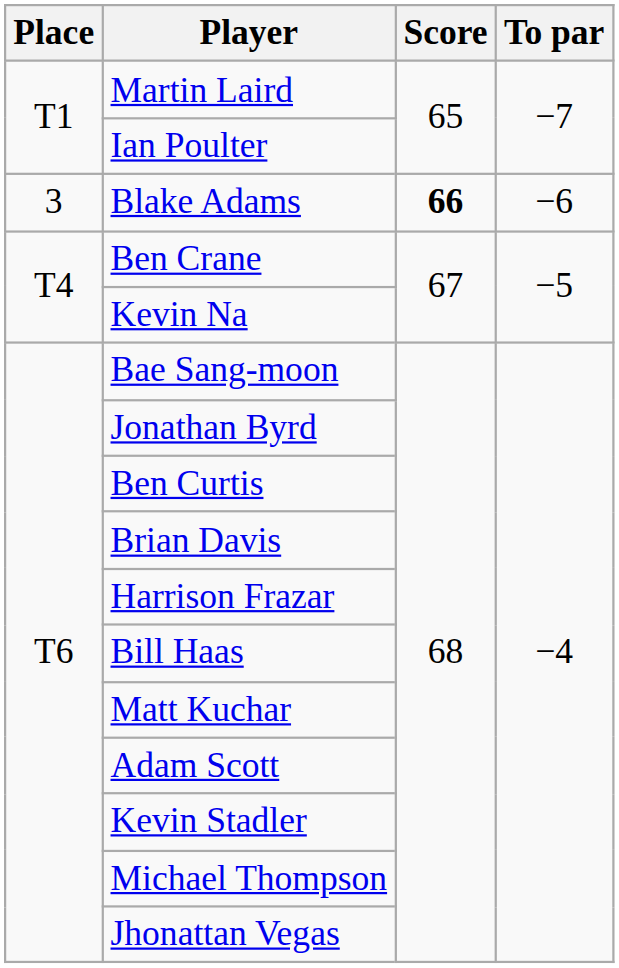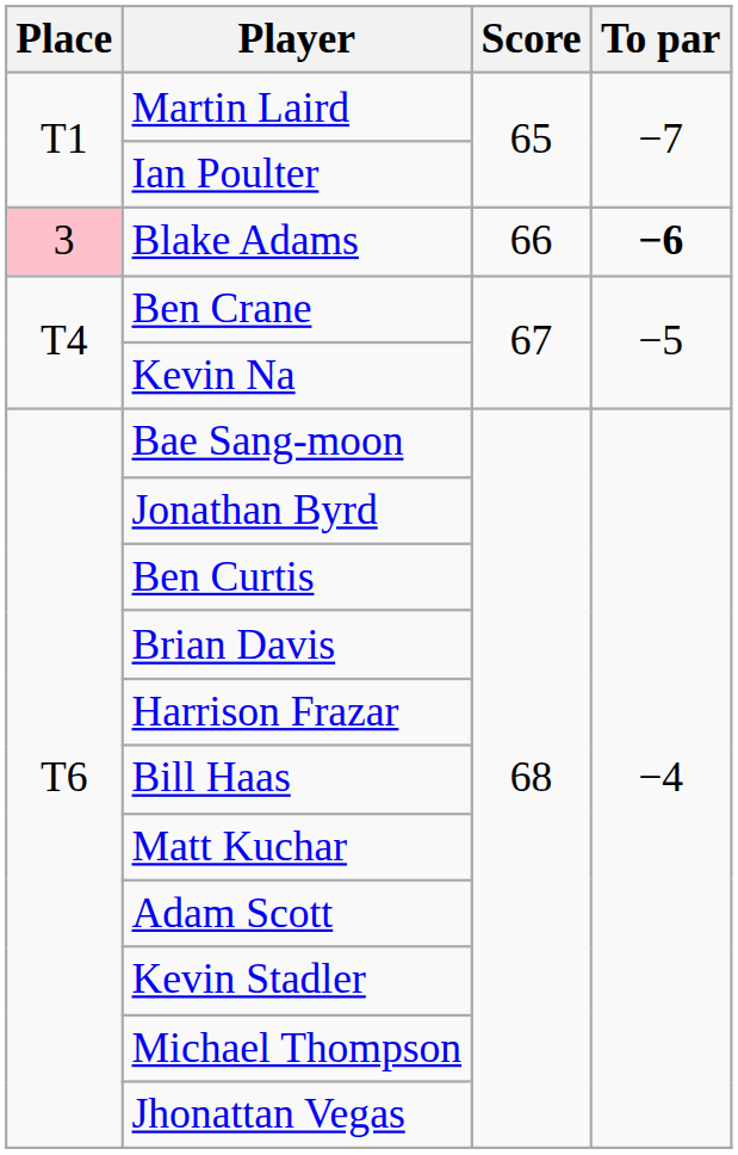 <table class="wikitable">
 <tr>
 <th>Place</th>
 <th>Player</th>
 <th>Score</th>
 <th>To par</th>
 </tr>
 <tr>
 <td rowspan="2" align=center>T1</td>
 <td> <a href='#'>Martin Laird</a></td>
 <td rowspan="2" align=center>65</td>
 <td rowspan="2" align=center>−7</td>
 </tr>
 <tr>
 <td> <a href='#'>Ian Poulter</a></td>
 </tr>
 <tr>
-<td align="center">3</td>
+<td align="center" style="background: pink;">3</td>
 <td> <a href='#'>Blake Adams</a></td>
-<td align=center><strong>66</strong></td>
-<td align=center>−6</td>
+<td align=center>66</td>
+<td align=center><strong>−6</strong></td>
 </tr>
 <tr>
 <td rowspan="2" align=center>T4</td>
 <td> <a href='#'>Ben Crane</a></td>
 <td rowspan="2" align=center>67</td>
 <td rowspan="2" align=center>−5</td>
 </tr>
 <tr>
 <td> <a href='#'>Kevin Na</a></td>
 </tr>
 <tr>
 <td rowspan="11" align=center>T6</td>
 <td> <a href='#'>Bae Sang-moon</a></td>
 <td rowspan="11" align=center>68</td>
 <td rowspan="11" align=center>−4</td>
 </tr>
 <tr>
 <td> <a href='#'>Jonathan Byrd</a></td>
 </tr>
 <tr>
 <td> <a href='#'>Ben Curtis</a></td>
 </tr>
 <tr>
 <td> <a href='#'>Brian Davis</a></td>
 </tr>
 <tr>
 <td> <a href='#'>Harrison Frazar</a></td>
 </tr>
 <tr>
 <td> <a href='#'>Bill Haas</a></td>
 </tr>
 <tr>
 <td> <a href='#'>Matt Kuchar</a></td>
 </tr>
 <tr>
 <td> <a href='#'>Adam Scott</a></td>
 </tr>
 <tr>
 <td> <a href='#'>Kevin Stadler</a></td>
 </tr>
 <tr>
 <td> <a href='#'>Michael Thompson</a></td>
 </tr>
 <tr>
 <td> <a href='#'>Jhonattan Vegas</a></td>
 </tr>
 </table>
